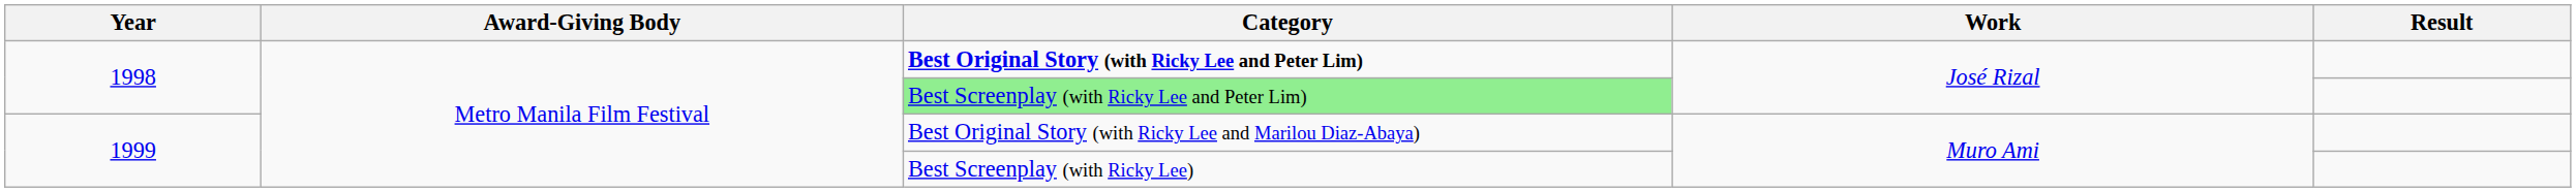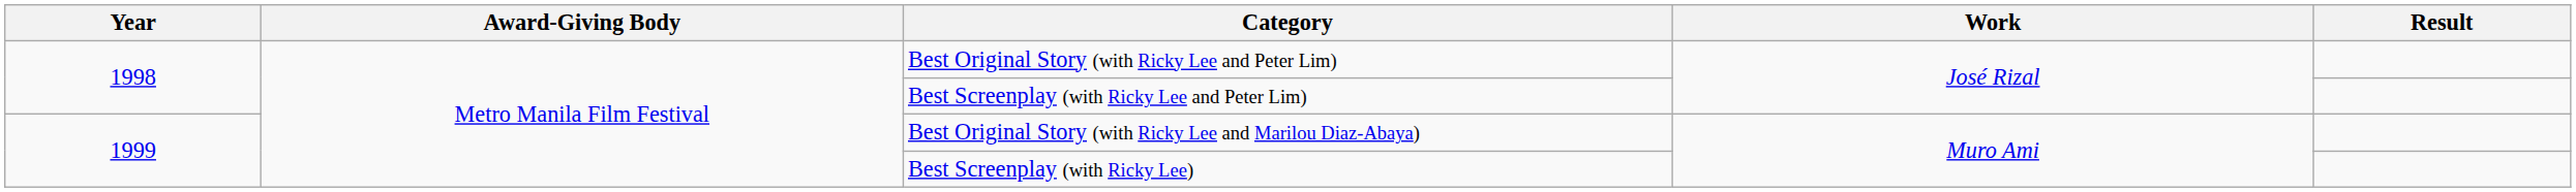 <table | width="90%" class="wikitable sortable">
 <tr>
 <th width="10%">Year</th>
 <th width="25%">Award-Giving Body</th>
 <th width="30%">Category</th>
 <th width="25%">Work</th>
 <th width="10%">Result</th>
 </tr>
 <tr>
 <td rowspan="2" align="center"><a href='#'>1998</a></td>
 <td rowspan="4" align="center"><a href='#'>Metro Manila Film Festival</a></td>
-<td><strong><a href='#'>Best Original Story</a> <small>(with <a href='#'>Ricky Lee</a> and Peter Lim)</small></strong></td>
+<td><a href='#'>Best Original Story</a> <small>(with <a href='#'>Ricky Lee</a> and Peter Lim)</small></td>
 <td align="center" rowspan=2><em><a href='#'>José Rizal</a></em></td>
 <td></td>
 </tr>
 <tr>
-<td style="background: lightgreen;"><a href='#'>Best Screenplay</a> <small>(with <a href='#'>Ricky Lee</a> and Peter Lim)</small></td>
+<td><a href='#'>Best Screenplay</a> <small>(with <a href='#'>Ricky Lee</a> and Peter Lim)</small></td>
 <td></td>
 </tr>
 <tr>
 <td rowspan="2" align="center"><a href='#'>1999</a></td>
 <td><a href='#'>Best Original Story</a> <small>(with <a href='#'>Ricky Lee</a> and <a href='#'>Marilou Diaz-Abaya</a>)</small></td>
 <td align="center" rowspan=2><em><a href='#'>Muro Ami</a></em></td>
 <td></td>
 </tr>
 <tr>
 <td><a href='#'>Best Screenplay</a> <small>(with <a href='#'>Ricky Lee</a>)</small></td>
 <td></td>
 </tr>
 </table>
